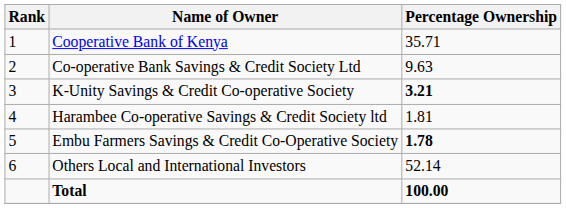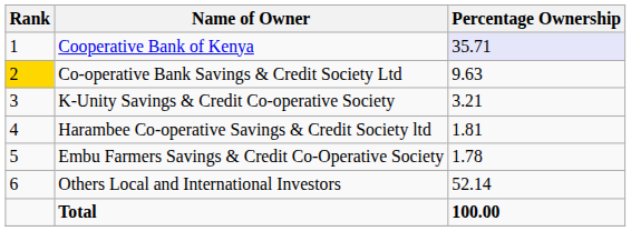 <table class="wikitable sortable" style="margin-left:auto;margin-right:auto">
 <tr>
 <th style="width:2em;">Rank</th>
 <th>Name of Owner</th>
 <th>Percentage Ownership</th>
 </tr>
 <tr>
 <td>1</td>
 <td><a href='#'>Cooperative Bank of Kenya</a></td>
-<td>35.71</td>
+<td style="background: lavender;">35.71</td>
 </tr>
 <tr>
-<td>2</td>
+<td style="background: gold;">2</td>
 <td>Co-operative Bank Savings & Credit Society Ltd</td>
 <td>9.63</td>
 </tr>
 <tr>
 <td>3</td>
 <td>K-Unity Savings & Credit Co-operative Society</td>
-<td><strong>3.21</strong></td>
+<td>3.21</td>
 </tr>
 <tr>
 <td>4</td>
 <td>Harambee Co-operative Savings & Credit Society ltd</td>
 <td>1.81</td>
 </tr>
 <tr>
 <td>5</td>
 <td>Embu Farmers Savings & Credit Co-Operative Society</td>
-<td><strong>1.78</strong></td>
+<td>1.78</td>
 </tr>
 <tr>
 <td>6</td>
 <td>Others Local and International Investors</td>
 <td>52.14</td>
 </tr>
 <tr>
 <td></td>
 <td><strong>Total</strong></td>
 <td><strong>100.00</strong></td>
 </tr>
 <tr>
 </tr>
 </table>
